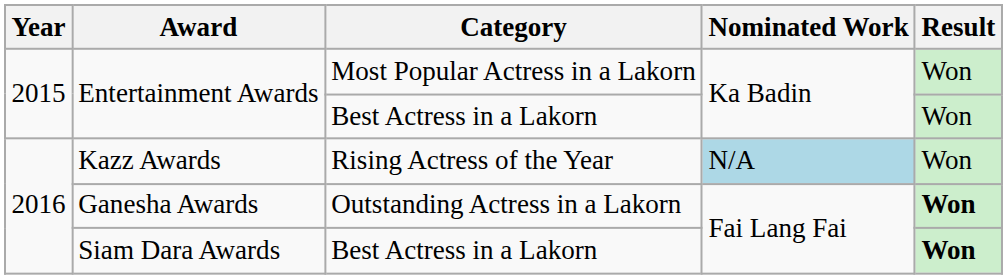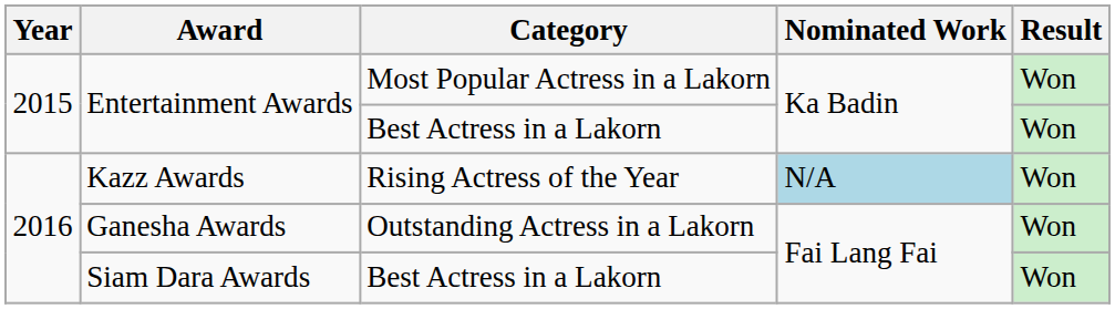 <table class="wikitable" style="font-size: 85%;">
 <tr>
 <th>Year</th>
 <th>Award</th>
 <th>Category</th>
 <th>Nominated Work</th>
 <th>Result</th>
 </tr>
 <tr>
 <td rowspan="2">2015</td>
 <td rowspan="2">Entertainment Awards</td>
 <td>Most Popular Actress in a Lakorn</td>
 <td rowspan="2">Ka Badin</td>
 <td bgcolor= #cceecc>Won</td>
 </tr>
 <tr>
 <td>Best Actress in a Lakorn</td>
 <td bgcolor= #cceecc>Won</td>
 </tr>
 <tr>
 <td rowspan="3">2016</td>
 <td>Kazz Awards</td>
 <td>Rising Actress of the Year</td>
 <td style="background: lightblue;">N/A</td>
 <td bgcolor= #cceecc>Won</td>
 </tr>
 <tr>
 <td>Ganesha Awards</td>
 <td>Outstanding Actress in a Lakorn</td>
 <td rowspan="2">Fai Lang Fai</td>
-<td bgcolor= #cceecc><strong>Won</strong></td>
+<td bgcolor= #cceecc>Won</td>
 </tr>
 <tr>
 <td>Siam Dara Awards</td>
 <td>Best Actress in a Lakorn</td>
-<td bgcolor= #cceecc><strong>Won</strong></td>
+<td bgcolor= #cceecc>Won</td>
 </tr>
 </table>
